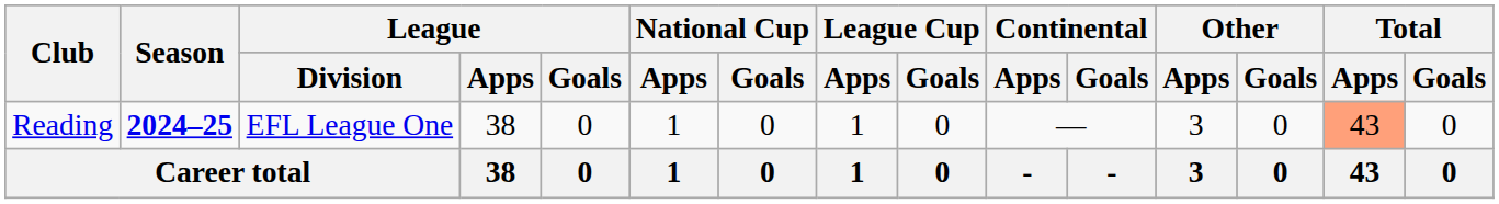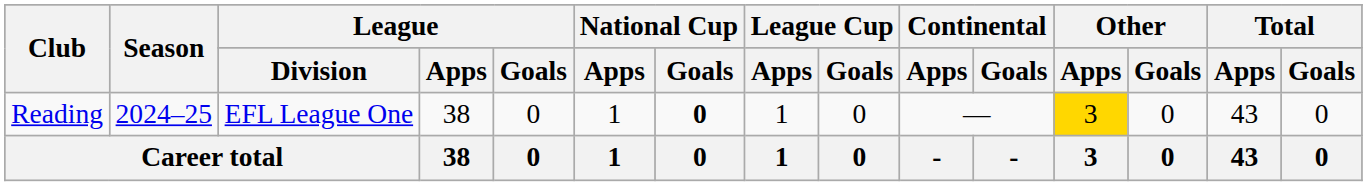 <table class="wikitable" style="text-align:center">
 <tr>
 <th rowspan="2">Club</th>
 <th rowspan="2">Season</th>
 <th colspan="3">League</th>
 <th colspan="2">National Cup</th>
 <th colspan="2">League Cup</th>
 <th colspan="2">Continental</th>
 <th colspan="2">Other</th>
 <th colspan="2">Total</th>
 </tr>
 <tr>
 <th>Division</th>
 <th>Apps</th>
 <th>Goals</th>
 <th>Apps</th>
 <th>Goals</th>
 <th>Apps</th>
 <th>Goals</th>
 <th>Apps</th>
 <th>Goals</th>
 <th>Apps</th>
 <th>Goals</th>
 <th>Apps</th>
 <th>Goals</th>
 </tr>
 <tr>
 <td><a href='#'>Reading</a></td>
-<td><strong><a href='#'>2024–25</a></strong></td>
+<td><a href='#'>2024–25</a></td>
 <td><a href='#'>EFL League One</a></td>
 <td>38</td>
 <td>0</td>
 <td>1</td>
-<td>0</td>
+<td><strong>0</strong></td>
 <td>1</td>
 <td>0</td>
 <td colspan="2">—</td>
-<td>3</td>
+<td style="background: gold;">3</td>
 <td>0</td>
-<td style="background: lightsalmon;">43</td>
+<td>43</td>
 <td>0</td>
 </tr>
 <tr>
 <th colspan="3">Career total</th>
 <th>38</th>
 <th>0</th>
 <th>1</th>
 <th>0</th>
 <th>1</th>
 <th>0</th>
 <th>-</th>
 <th>-</th>
 <th>3</th>
 <th>0</th>
 <th>43</th>
 <th>0</th>
 </tr>
 </table>
